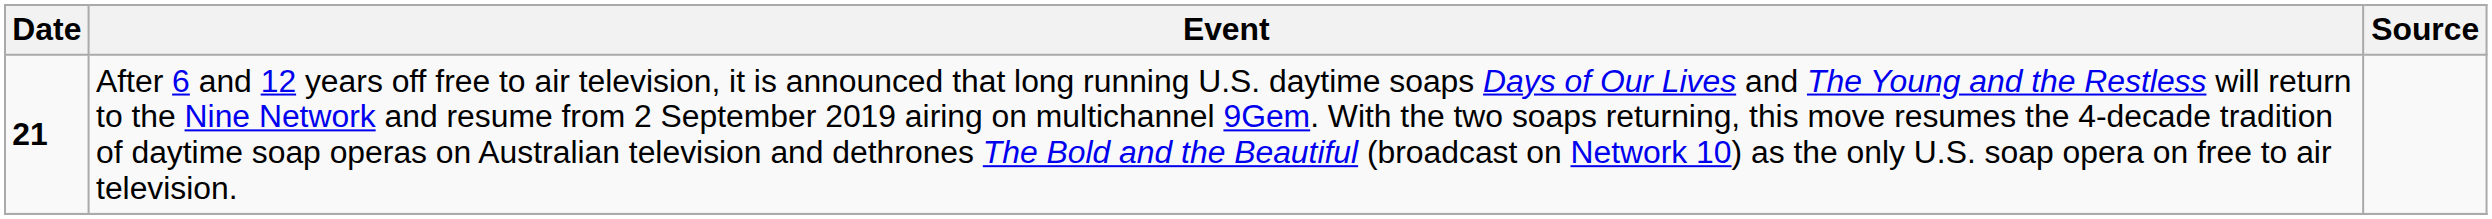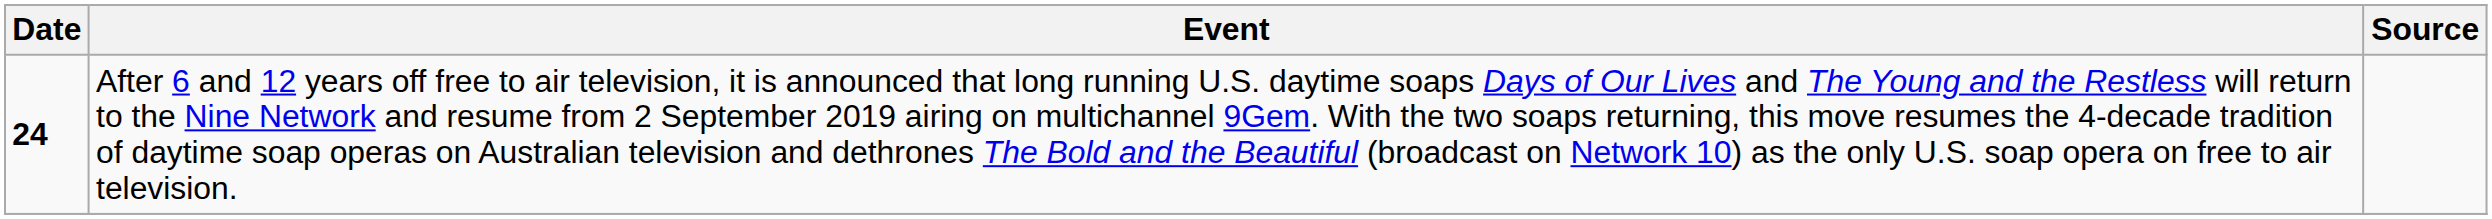 <table class="wikitable">
 <tr>
 <th>Date</th>
 <th>Event</th>
 <th>Source</th>
 </tr>
 <tr>
-<td><strong>21</strong></td>
+<td><strong>24</strong></td>
 <td>After <a href='#'>6</a> and <a href='#'>12</a> years off free to air television, it is announced that long running U.S. daytime soaps <em><a href='#'>Days of Our Lives</a></em> and <em><a href='#'>The Young and the Restless</a></em> will return to the <a href='#'>Nine Network</a> and resume from 2 September 2019 airing on multichannel <a href='#'>9Gem</a>. With the two soaps returning, this move resumes the 4-decade tradition of daytime soap operas on Australian television and dethrones <em><a href='#'>The Bold and the Beautiful</a></em> (broadcast on <a href='#'>Network 10</a>) as the only U.S. soap opera on free to air television.</td>
 <td></td>
 </tr>
 <tr>
 </tr>
 </table>
